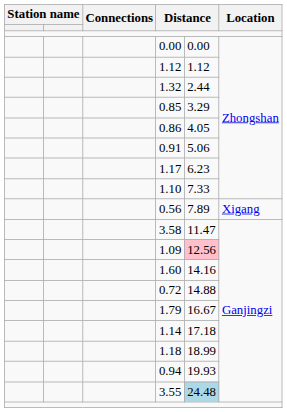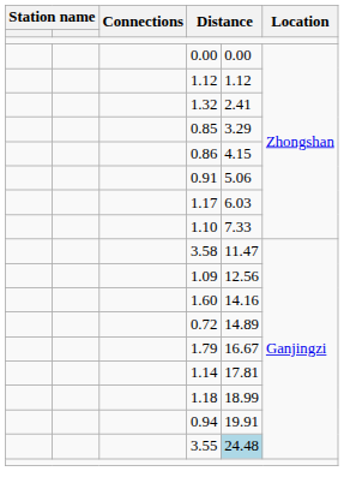 <table class="wikitable">
 <tr>
 <th colspan="2">Station name</th>
 <th rowspan="2">Connections</th>
 <th colspan="2" rowspan="2">Distance<br></th>
 <th rowspan="2">Location</th>
 </tr>
 <tr>
 <th></th>
 <th></th>
 </tr>
 <tr style="background:#">
 <td colspan="6"></td>
 </tr>
 <tr>
 <td></td>
 <td></td>
 <td></td>
 <td>0.00</td>
 <td>0.00</td>
 <td rowspan="8"><a href='#'>Zhongshan</a></td>
 </tr>
 <tr>
 <td></td>
 <td></td>
 <td></td>
 <td>1.12</td>
 <td>1.12</td>
 </tr>
 <tr>
 <td></td>
 <td></td>
 <td></td>
 <td>1.32</td>
-<td>2.44</td>
+<td>2.41</td>
 </tr>
 <tr>
 <td></td>
 <td></td>
 <td></td>
 <td>0.85</td>
 <td>3.29</td>
 </tr>
 <tr>
 <td></td>
 <td></td>
 <td></td>
 <td>0.86</td>
-<td>4.05</td>
+<td>4.15</td>
 </tr>
 <tr>
 <td></td>
 <td></td>
 <td></td>
 <td>0.91</td>
 <td>5.06</td>
 </tr>
 <tr>
 <td></td>
 <td></td>
 <td></td>
 <td>1.17</td>
-<td>6.23</td>
+<td>6.03</td>
 </tr>
 <tr>
 <td></td>
 <td></td>
 <td></td>
 <td>1.10</td>
 <td>7.33</td>
-</tr>
-<tr>
-<td></td>
-<td></td>
-<td></td>
-<td>0.56</td>
-<td>7.89</td>
-<td><a href='#'>Xigang</a></td>
 </tr>
 <tr>
 <td></td>
 <td></td>
 <td></td>
 <td>3.58</td>
 <td>11.47</td>
 <td rowspan="9"><a href='#'>Ganjingzi</a></td>
 </tr>
 <tr>
 <td></td>
 <td></td>
 <td></td>
 <td>1.09</td>
-<td style="background: pink;">12.56</td>
+<td>12.56</td>
 </tr>
 <tr>
 <td></td>
 <td></td>
 <td></td>
 <td>1.60</td>
 <td>14.16</td>
 </tr>
 <tr>
 <td></td>
 <td></td>
 <td></td>
 <td>0.72</td>
-<td>14.88</td>
+<td>14.89</td>
 </tr>
 <tr>
 <td></td>
 <td></td>
 <td></td>
 <td>1.79</td>
 <td>16.67</td>
 </tr>
 <tr>
 <td></td>
 <td></td>
 <td></td>
 <td>1.14</td>
-<td>17.18</td>
+<td>17.81</td>
 </tr>
 <tr>
 <td></td>
 <td></td>
 <td></td>
 <td>1.18</td>
 <td>18.99</td>
 </tr>
 <tr>
 <td></td>
 <td></td>
 <td></td>
 <td>0.94</td>
-<td>19.93</td>
+<td>19.91</td>
 </tr>
 <tr>
 <td></td>
 <td></td>
 <td></td>
 <td>3.55</td>
 <td style="background: lightblue;">24.48</td>
 </tr>
 <tr style="background:#">
 <td colspan="6"></td>
 </tr>
 </table>
